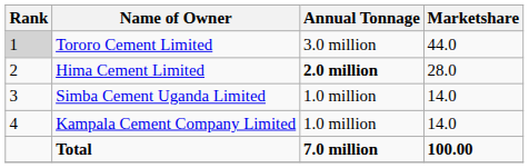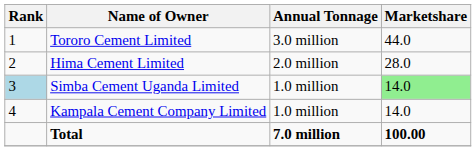 <table class="wikitable sortable" style="margin: 0.5em auto">
 <tr>
 <th>Rank</th>
 <th>Name of Owner</th>
 <th>Annual Tonnage</th>
 <th>Marketshare</th>
 </tr>
 <tr>
-<td style="background: lightgrey;">1</td>
+<td>1</td>
 <td><a href='#'>Tororo Cement Limited</a></td>
 <td>3.0 million</td>
 <td>44.0</td>
 </tr>
 <tr>
 <td>2</td>
 <td><a href='#'>Hima Cement Limited</a></td>
-<td><strong>2.0 million</strong></td>
+<td>2.0 million</td>
 <td>28.0</td>
 </tr>
 <tr>
-<td>3</td>
+<td style="background: lightblue;">3</td>
 <td><a href='#'>Simba Cement Uganda Limited</a></td>
 <td>1.0 million</td>
-<td>14.0</td>
+<td style="background: lightgreen;">14.0</td>
 </tr>
 <tr>
 <td>4</td>
 <td><a href='#'>Kampala Cement Company Limited</a></td>
 <td>1.0 million</td>
 <td>14.0</td>
 </tr>
 <tr>
 <td></td>
 <td><strong>Total</strong></td>
 <td><strong>7.0 million</strong></td>
 <td><strong>100.00</strong></td>
 </tr>
 <tr>
 </tr>
 </table>
